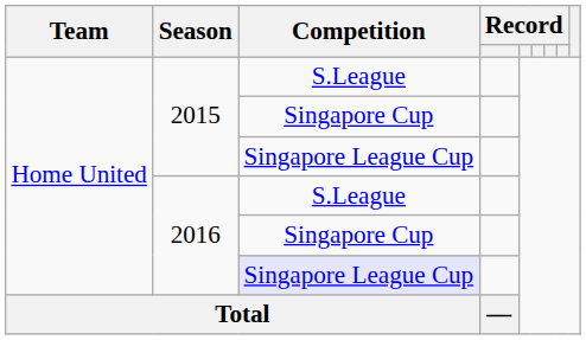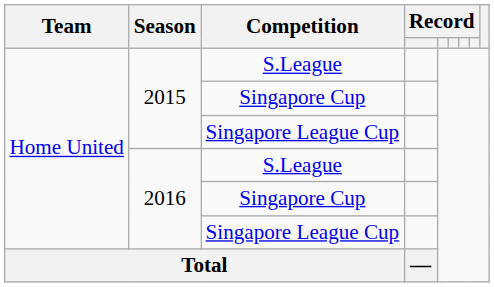 <table class=wikitable style="text-align: center">
 <tr>
 <th rowspan=2>Team</th>
 <th rowspan=2>Season</th>
 <th rowspan=2>Competition</th>
 <th colspan=5>Record</th>
 <th rowspan=2></th>
 </tr>
 <tr>
 <th></th>
 <th></th>
 <th></th>
 <th></th>
 <th></th>
 </tr>
 <tr>
 <td rowspan="6" align="center"><a href='#'>Home United</a></td>
 <td rowspan="3" align="center">2015</td>
 <td><a href='#'>S.League</a><br></td>
 <td></td>
 </tr>
 <tr>
 <td><a href='#'>Singapore Cup</a><br></td>
 <td></td>
 </tr>
 <tr>
 <td><a href='#'>Singapore League Cup</a><br></td>
 <td></td>
 </tr>
 <tr>
 <td rowspan="3" align="center">2016</td>
 <td><a href='#'>S.League</a><br></td>
 <td></td>
 </tr>
 <tr>
 <td><a href='#'>Singapore Cup</a><br></td>
 <td></td>
 </tr>
 <tr>
-<td style="background: lavender;"><a href='#'>Singapore League Cup</a><br></td>
+<td><a href='#'>Singapore League Cup</a><br></td>
 <td></td>
 </tr>
 <tr>
 <th colspan=3>Total<br></th>
 <th>—</th>
 </tr>
 </table>
